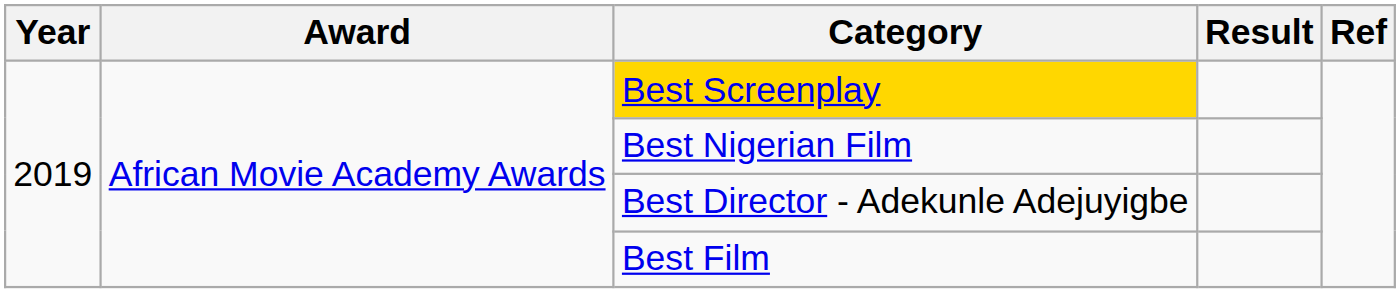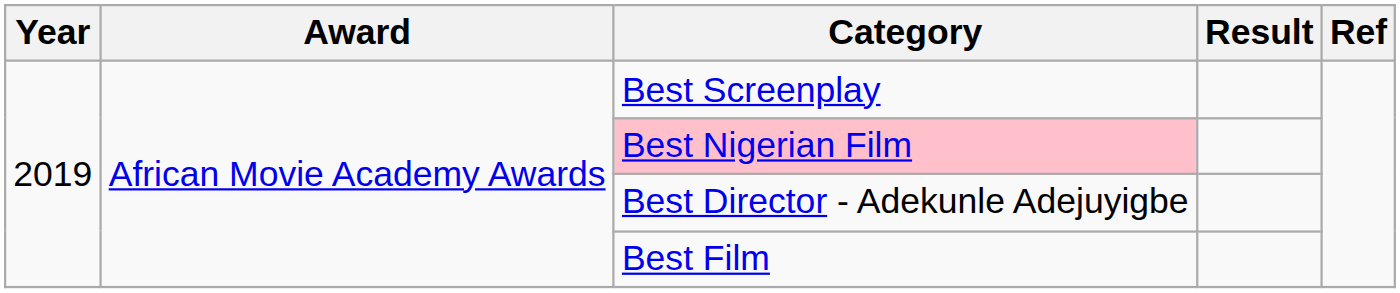 <table class="wikitable">
 <tr>
 <th>Year</th>
 <th>Award</th>
 <th>Category</th>
 <th>Result</th>
 <th>Ref</th>
 </tr>
 <tr>
 <td rowspan="4">2019</td>
 <td rowspan="4"><a href='#'>African Movie Academy Awards</a></td>
-<td style="background: gold;"><a href='#'>Best Screenplay</a></td>
+<td><a href='#'>Best Screenplay</a></td>
 <td></td>
 <td rowspan="4"></td>
 </tr>
 <tr>
-<td><a href='#'>Best Nigerian Film</a></td>
+<td style="background: pink;"><a href='#'>Best Nigerian Film</a></td>
 <td></td>
 </tr>
 <tr>
 <td><a href='#'>Best Director</a> - Adekunle Adejuyigbe</td>
 <td></td>
 </tr>
 <tr>
 <td><a href='#'>Best Film</a></td>
 <td></td>
 </tr>
 </table>
